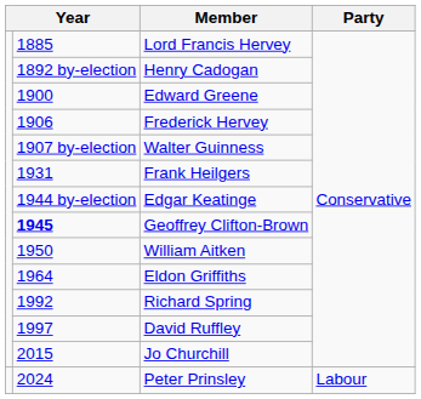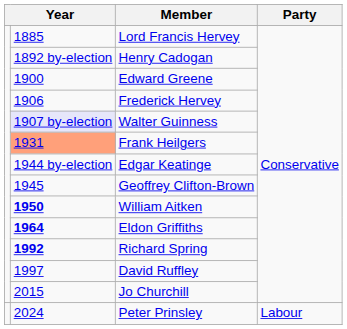 <table class="wikitable">
 <tr>
 <th colspan="2">Year</th>
 <th>Member</th>
 <th>Party</th>
 </tr>
 <tr>
 <td rowspan=13 style="background-color: "></td>
 <td><a href='#'>1885</a></td>
 <td><a href='#'>Lord Francis Hervey</a></td>
 <td rowspan=13><a href='#'>Conservative</a></td>
 </tr>
 <tr>
 <td><a href='#'>1892 by-election</a></td>
 <td><a href='#'>Henry Cadogan</a></td>
 </tr>
 <tr>
 <td><a href='#'>1900</a></td>
 <td><a href='#'>Edward Greene</a></td>
 </tr>
 <tr>
 <td><a href='#'>1906</a></td>
 <td><a href='#'>Frederick Hervey</a></td>
 </tr>
 <tr>
-<td><a href='#'>1907 by-election</a></td>
+<td style="background: lavender;"><a href='#'>1907 by-election</a></td>
 <td><a href='#'>Walter Guinness</a></td>
 </tr>
 <tr>
-<td><a href='#'>1931</a></td>
+<td style="background: lightsalmon;"><a href='#'>1931</a></td>
 <td><a href='#'>Frank Heilgers</a></td>
 </tr>
 <tr>
 <td><a href='#'>1944 by-election</a></td>
 <td><a href='#'>Edgar Keatinge</a></td>
 </tr>
 <tr>
-<td><strong><a href='#'>1945</a></strong></td>
+<td><a href='#'>1945</a></td>
 <td><a href='#'>Geoffrey Clifton-Brown</a></td>
 </tr>
 <tr>
-<td><a href='#'>1950</a></td>
+<td><strong><a href='#'>1950</a></strong></td>
 <td><a href='#'>William Aitken</a></td>
 </tr>
 <tr>
-<td><a href='#'>1964</a></td>
+<td><strong><a href='#'>1964</a></strong></td>
 <td><a href='#'>Eldon Griffiths</a></td>
 </tr>
 <tr>
-<td><a href='#'>1992</a></td>
+<td><strong><a href='#'>1992</a></strong></td>
 <td><a href='#'>Richard Spring</a></td>
 </tr>
 <tr>
 <td><a href='#'>1997</a></td>
 <td><a href='#'>David Ruffley</a></td>
 </tr>
 <tr>
 <td><a href='#'>2015</a></td>
 <td><a href='#'>Jo Churchill</a></td>
 </tr>
 <tr>
 <td rowspan=13 style="background-color: "></td>
 <td><a href='#'>2024</a></td>
 <td><a href='#'>Peter Prinsley</a></td>
 <td rowspan=13><a href='#'>Labour</a></td>
 </tr>
 </table>
